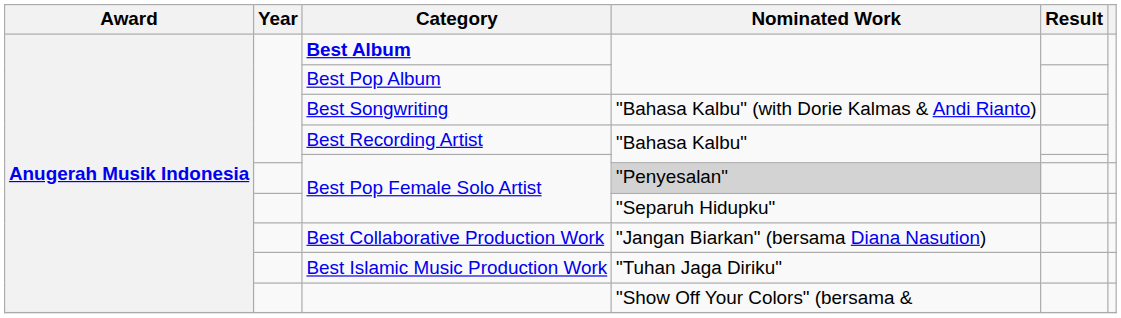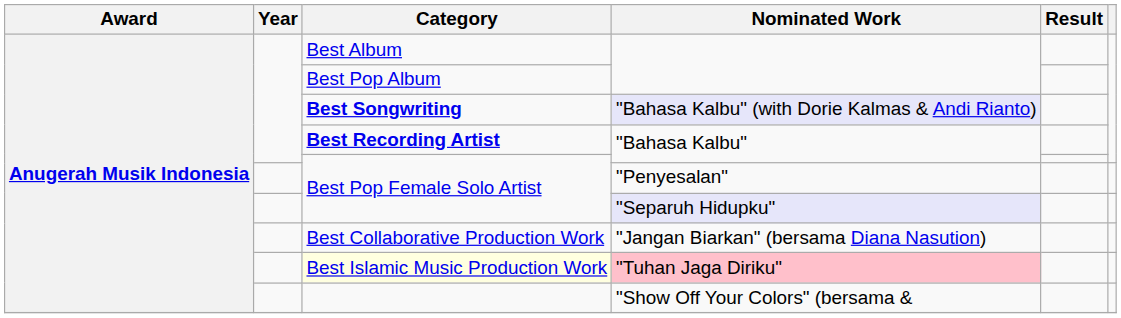 <table class="wikitable sortable">
 <tr>
 <th scope="col">Award</th>
 <th scope="col">Year</th>
 <th scope="col">Category</th>
 <th scope="col">Nominated Work</th>
 <th scope="col">Result</th>
 <th style="background:;" class="unsortable"></th>
 </tr>
 <tr>
 <th scope= "row" rowspan= "10"><a href='#'>Anugerah Musik Indonesia</a></th>
 <td rowspan= "5"></td>
-<td><strong><a href='#'>Best Album</a></strong></td>
+<td><a href='#'>Best Album</a></td>
 <td rowspan= "2"><em></em></td>
 <td></td>
 <td align="center" rowspan= "5"></td>
 </tr>
 <tr>
 <td><a href='#'>Best Pop Album</a></td>
 <td></td>
 </tr>
 <tr>
-<td><a href='#'>Best Songwriting</a></td>
-<td>"Bahasa Kalbu" (with Dorie Kalmas & <a href='#'>Andi Rianto</a>)</td>
+<td><strong><a href='#'>Best Songwriting</a></strong></td>
+<td style="background: lavender;">"Bahasa Kalbu" (with Dorie Kalmas & <a href='#'>Andi Rianto</a>)</td>
 <td></td>
 </tr>
 <tr>
-<td><a href='#'>Best Recording Artist</a></td>
+<td><strong><a href='#'>Best Recording Artist</a></strong></td>
 <td rowspan= "2">"Bahasa Kalbu"</td>
 <td></td>
 </tr>
 <tr>
 <td rowspan= "3"><a href='#'>Best Pop Female Solo Artist</a></td>
 <td></td>
 </tr>
 <tr>
 <td></td>
-<td style="background: lightgrey;">"Penyesalan"</td>
+<td>"Penyesalan"</td>
 <td></td>
 <td align="center"></td>
 </tr>
 <tr>
 <td></td>
-<td>"Separuh Hidupku"</td>
+<td style="background: lavender;">"Separuh Hidupku"</td>
 <td></td>
 <td align="center"></td>
 </tr>
 <tr>
 <td></td>
 <td><a href='#'>Best Collaborative Production Work</a></td>
 <td>"Jangan Biarkan" (bersama <a href='#'>Diana Nasution</a>)</td>
 <td></td>
 <td align="center"></td>
 </tr>
 <tr>
 <td></td>
-<td><a href='#'>Best Islamic Music Production Work</a></td>
-<td>"Tuhan Jaga Diriku"</td>
+<td style="background: lightyellow;"><a href='#'>Best Islamic Music Production Work</a></td>
+<td style="background: pink;">"Tuhan Jaga Diriku"</td>
 <td></td>
 <td></td>
 </tr>
 <tr>
 <td></td>
 <td></td>
 <td>"Show Off Your Colors" (bersama  & </td>
 <td></td>
 <td></td>
 </tr>
 <tr>
 </tr>
 </table>
